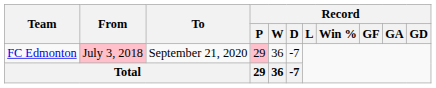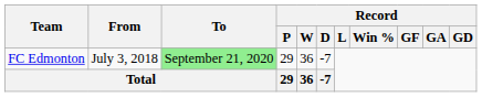 <table class="wikitable" style="text-align:center">
 <tr>
 <th rowspan="2">Team</th>
 <th rowspan="2">From</th>
 <th rowspan="2">To</th>
 <th colspan="8">Record</th>
 </tr>
 <tr>
 <th>P</th>
 <th>W</th>
 <th>D</th>
 <th>L</th>
 <th>Win %</th>
 <th>GF</th>
 <th>GA</th>
 <th>GD</th>
 </tr>
 <tr>
 <td align="left"><a href='#'>FC Edmonton</a></td>
-<td align="left" style="background: pink;">July 3, 2018</td>
-<td align="left">September 21, 2020<br></td>
-<td style="background: pink;">29</td>
+<td align="left">July 3, 2018</td>
+<td align="left" style="background: lightgreen;">September 21, 2020<br></td>
+<td>29</td>
 <td>36</td>
 <td>-7</td>
 </tr>
 <tr>
 <th colspan="3">Total<br></th>
 <th>29</th>
 <th>36</th>
 <th>-7</th>
 </tr>
 </table>
